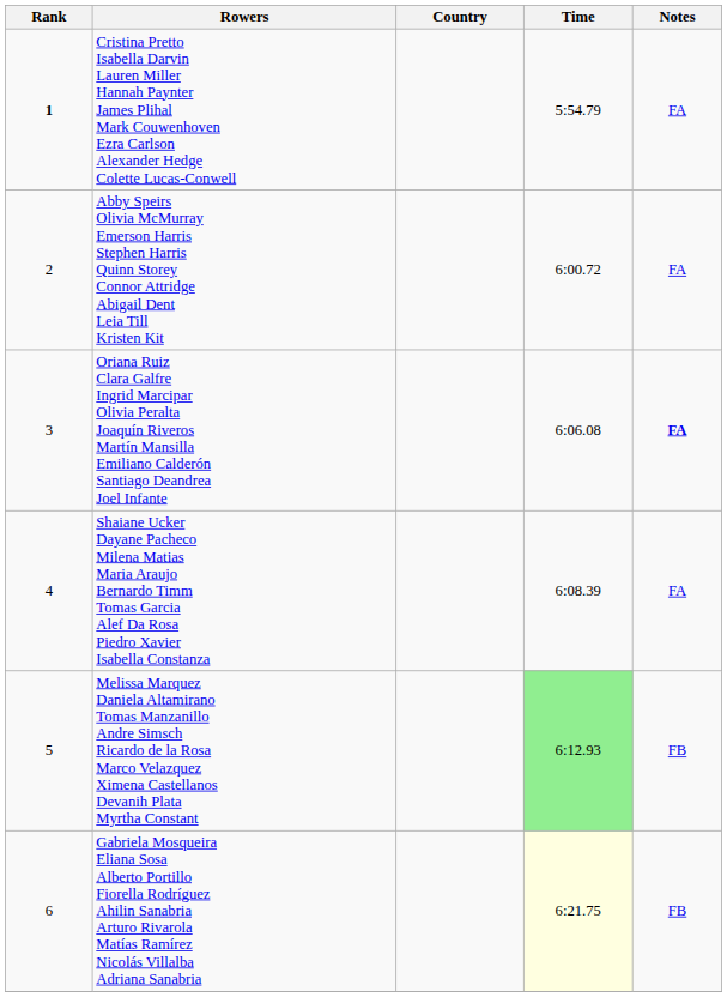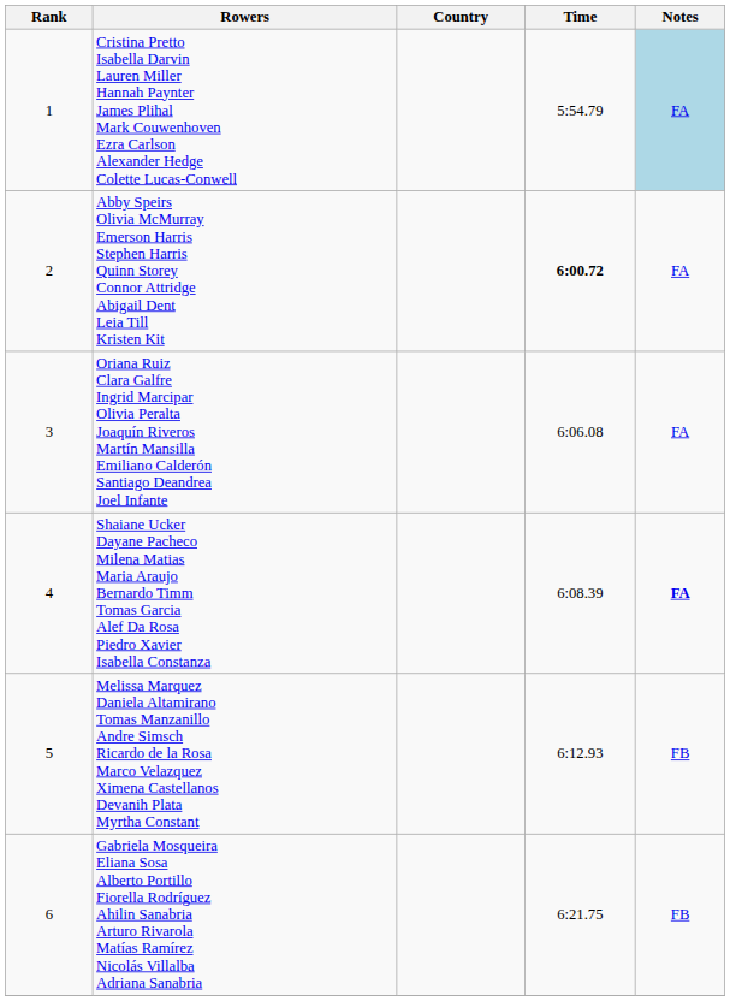 <table class="wikitable" width=60% style="text-align:center">
 <tr>
 <th>Rank</th>
 <th>Rowers</th>
 <th>Country</th>
 <th>Time</th>
 <th>Notes</th>
 </tr>
 <tr>
-<td><strong>1</strong></td>
+<td>1</td>
 <td align=left><a href='#'>Cristina Pretto</a><br><a href='#'>Isabella Darvin</a><br><a href='#'>Lauren Miller</a><br><a href='#'>Hannah Paynter</a><br><a href='#'>James Plihal</a><br><a href='#'>Mark Couwenhoven</a><br><a href='#'>Ezra Carlson</a><br><a href='#'>Alexander Hedge</a><br><a href='#'>Colette Lucas-Conwell</a></td>
 <td align=left></td>
 <td>5:54.79</td>
-<td><a href='#'>FA</a></td>
+<td style="background: lightblue;"><a href='#'>FA</a></td>
 </tr>
 <tr>
 <td>2</td>
 <td align=left><a href='#'>Abby Speirs</a><br><a href='#'>Olivia McMurray</a><br><a href='#'>Emerson Harris</a><br><a href='#'>Stephen Harris</a><br><a href='#'>Quinn Storey</a><br><a href='#'>Connor Attridge</a><br><a href='#'>Abigail Dent</a><br><a href='#'>Leia Till</a><br><a href='#'>Kristen Kit</a></td>
 <td align=left></td>
-<td>6:00.72</td>
+<td><strong>6:00.72</strong></td>
 <td><a href='#'>FA</a></td>
 </tr>
 <tr>
 <td>3</td>
 <td align=left><a href='#'>Oriana Ruiz</a><br><a href='#'>Clara Galfre</a><br><a href='#'>Ingrid Marcipar</a><br><a href='#'>Olivia Peralta</a><br><a href='#'>Joaquín Riveros</a><br><a href='#'>Martín Mansilla</a><br><a href='#'>Emiliano Calderón</a><br><a href='#'>Santiago Deandrea</a><br><a href='#'>Joel Infante</a></td>
 <td align=left></td>
 <td>6:06.08</td>
-<td><strong><a href='#'>FA</a></strong></td>
+<td><a href='#'>FA</a></td>
 </tr>
 <tr>
 <td>4</td>
 <td align=left><a href='#'>Shaiane Ucker</a><br><a href='#'>Dayane Pacheco</a><br><a href='#'>Milena Matias</a><br><a href='#'>Maria Araujo</a><br><a href='#'>Bernardo Timm</a><br><a href='#'>Tomas Garcia</a><br><a href='#'>Alef Da Rosa</a><br><a href='#'>Piedro Xavier</a><br><a href='#'>Isabella Constanza</a></td>
 <td align=left></td>
 <td>6:08.39</td>
-<td><a href='#'>FA</a></td>
+<td><strong><a href='#'>FA</a></strong></td>
 </tr>
 <tr>
 <td>5</td>
 <td align=left><a href='#'>Melissa Marquez</a><br><a href='#'>Daniela Altamirano</a><br><a href='#'>Tomas Manzanillo</a><br><a href='#'>Andre Simsch</a><br><a href='#'>Ricardo de la Rosa</a><br><a href='#'>Marco Velazquez</a><br><a href='#'>Ximena Castellanos</a><br><a href='#'>Devanih Plata</a><br><a href='#'>Myrtha Constant</a></td>
 <td align=left></td>
-<td style="background: lightgreen;">6:12.93</td>
+<td>6:12.93</td>
 <td><a href='#'>FB</a></td>
 </tr>
 <tr>
 <td>6</td>
 <td align=left><a href='#'>Gabriela Mosqueira</a><br><a href='#'>Eliana Sosa</a><br><a href='#'>Alberto Portillo</a><br><a href='#'>Fiorella Rodríguez</a><br><a href='#'>Ahilin Sanabria</a><br><a href='#'>Arturo Rivarola</a><br><a href='#'>Matías Ramírez</a><br><a href='#'>Nicolás Villalba</a><br><a href='#'>Adriana Sanabria</a></td>
 <td align=left></td>
-<td style="background: lightyellow;">6:21.75</td>
+<td>6:21.75</td>
 <td><a href='#'>FB</a></td>
 </tr>
 <tr>
 </tr>
 </table>
